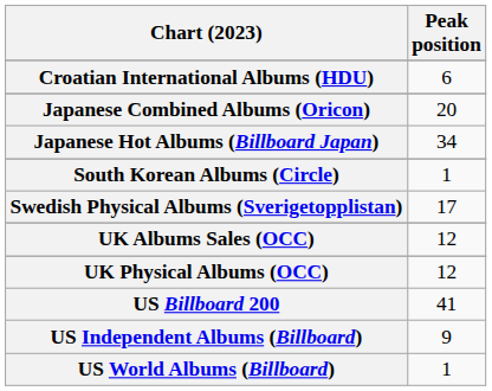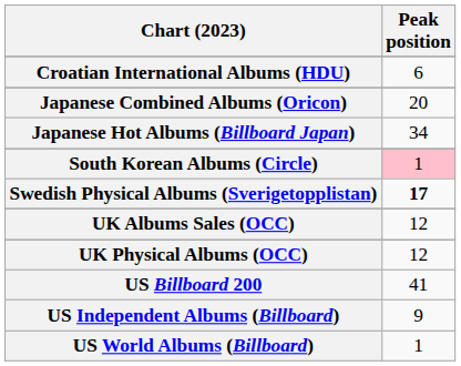 <table class="wikitable plainrowheaders sortable" style="text-align:center">
 <tr>
 <th scope="col">Chart (2023)</th>
 <th scope="col">Peak<br>position</th>
 </tr>
 <tr>
 </tr>
 <tr>
 </tr>
 <tr>
 </tr>
 <tr>
 <th scope="row">Croatian International Albums (<a href='#'>HDU</a>)</th>
 <td>6</td>
 </tr>
 <tr>
 </tr>
 <tr>
 </tr>
 <tr>
 </tr>
 <tr>
 </tr>
 <tr>
 <th scope="row">Japanese Combined Albums (<a href='#'>Oricon</a>)</th>
 <td>20</td>
 </tr>
 <tr>
 <th scope="row">Japanese Hot Albums (<em><a href='#'>Billboard Japan</a></em>)</th>
 <td>34</td>
 </tr>
 <tr>
 </tr>
 <tr>
 <th scope="row">South Korean Albums (<a href='#'>Circle</a>)</th>
-<td>1</td>
+<td style="background: pink;">1</td>
 </tr>
 <tr>
 <th scope="row">Swedish Physical Albums (<a href='#'>Sverigetopplistan</a>)</th>
-<td>17</td>
+<td><strong>17</strong></td>
 </tr>
 <tr>
 </tr>
 <tr>
 <th scope="row">UK Albums Sales (<a href='#'>OCC</a>)</th>
 <td>12</td>
 </tr>
 <tr>
 </tr>
 <tr>
 <th scope="row">UK Physical Albums (<a href='#'>OCC</a>)</th>
 <td>12</td>
 </tr>
 <tr>
 <th scope="row">US <a href='#'><em>Billboard</em> 200</a></th>
 <td>41</td>
 </tr>
 <tr>
 <th scope="row">US <a href='#'>Independent Albums</a> (<em><a href='#'>Billboard</a></em>)</th>
 <td>9</td>
 </tr>
 <tr>
 <th scope="row">US <a href='#'>World Albums</a> (<em><a href='#'>Billboard</a></em>)</th>
 <td>1</td>
 </tr>
 </table>
